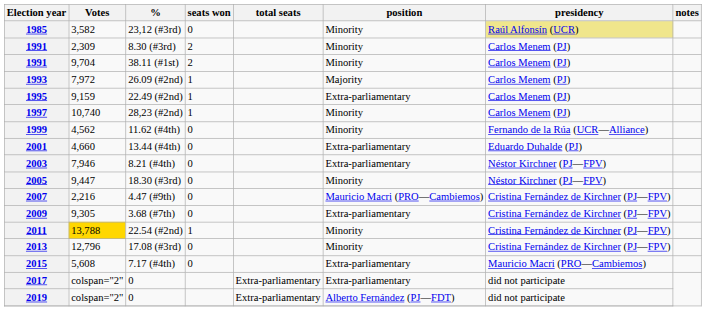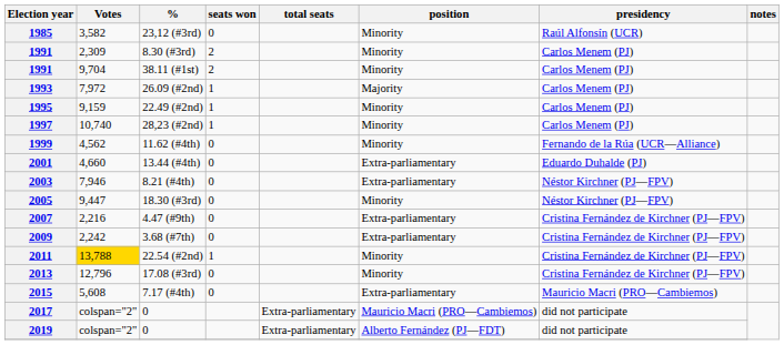 <table class="wikitable">
 <tr>
 <th>Election year</th>
 <th>Votes</th>
 <th>%</th>
 <th>seats won</th>
 <th>total seats</th>
 <th>position</th>
 <th>presidency</th>
 <th>notes</th>
 </tr>
 <tr>
 <th><a href='#'>1985</a></th>
 <td>3,582</td>
 <td>23,12 (#3rd)</td>
 <td>0</td>
 <td></td>
 <td>Minority</td>
-<td style="background: khaki;"><a href='#'>Raúl Alfonsín</a> (<a href='#'>UCR</a>)</td>
+<td><a href='#'>Raúl Alfonsín</a> (<a href='#'>UCR</a>)</td>
 <td></td>
 </tr>
 <tr>
 <th><a href='#'>1991</a></th>
 <td>2,309</td>
 <td>8.30 (#3rd)</td>
 <td>2</td>
 <td></td>
 <td>Minority</td>
 <td><a href='#'>Carlos Menem</a> (<a href='#'>PJ</a>)</td>
 <td></td>
 </tr>
 <tr>
 <th><a href='#'>1991</a></th>
 <td>9,704</td>
 <td>38.11 (#1st)</td>
 <td>2</td>
 <td></td>
 <td>Minority</td>
 <td><a href='#'>Carlos Menem</a> (<a href='#'>PJ</a>)</td>
 <td></td>
 </tr>
 <tr>
 <th><a href='#'>1993</a></th>
 <td>7,972</td>
 <td>26.09 (#2nd)</td>
 <td>1</td>
 <td></td>
 <td>Majority</td>
 <td><a href='#'>Carlos Menem</a> (<a href='#'>PJ</a>)</td>
 <td></td>
 </tr>
 <tr>
 <th><a href='#'>1995</a></th>
 <td>9,159</td>
 <td>22.49 (#2nd)</td>
 <td>1</td>
 <td></td>
-<td>Extra-parliamentary</td>
+<td>Minority</td>
 <td><a href='#'>Carlos Menem</a> (<a href='#'>PJ</a>)</td>
 <td></td>
 </tr>
 <tr>
 <th><a href='#'>1997</a></th>
 <td>10,740</td>
 <td>28,23 (#2nd)</td>
 <td>1</td>
 <td></td>
 <td>Minority</td>
 <td><a href='#'>Carlos Menem</a> (<a href='#'>PJ</a>)</td>
 <td></td>
 </tr>
 <tr>
 <th><a href='#'>1999</a></th>
 <td>4,562</td>
 <td>11.62 (#4th)</td>
 <td>0</td>
 <td></td>
 <td>Minority</td>
 <td><a href='#'>Fernando de la Rúa</a> (<a href='#'>UCR</a>—<a href='#'>Alliance</a>)</td>
 <td></td>
 </tr>
 <tr>
 <th><a href='#'>2001</a></th>
 <td>4,660</td>
 <td>13.44 (#4th)</td>
 <td>0</td>
 <td></td>
 <td>Extra-parliamentary</td>
 <td><a href='#'>Eduardo Duhalde</a> (<a href='#'>PJ</a>)</td>
 <td></td>
 </tr>
 <tr>
 <th><a href='#'>2003</a></th>
 <td>7,946</td>
 <td>8.21 (#4th)</td>
 <td>0</td>
 <td></td>
 <td>Extra-parliamentary</td>
 <td><a href='#'>Néstor Kirchner</a> (<a href='#'>PJ</a>—<a href='#'>FPV</a>)</td>
 <td></td>
 </tr>
 <tr>
 <th><a href='#'>2005</a></th>
 <td>9,447</td>
 <td>18.30 (#3rd)</td>
 <td>0</td>
 <td></td>
 <td>Minority</td>
 <td><a href='#'>Néstor Kirchner</a> (<a href='#'>PJ</a>—<a href='#'>FPV</a>)</td>
 <td></td>
 </tr>
 <tr>
 <th><a href='#'>2007</a></th>
 <td>2,216</td>
 <td>4.47 (#9th)</td>
 <td>0</td>
 <td></td>
-<td><a href='#'>Mauricio Macri</a> (<a href='#'>PRO</a>—<a href='#'>Cambiemos</a>)</td>
+<td>Extra-parliamentary</td>
 <td><a href='#'>Cristina Fernández de Kirchner</a> (<a href='#'>PJ</a>—<a href='#'>FPV</a>)</td>
 <td></td>
 </tr>
 <tr>
 <th><a href='#'>2009</a></th>
-<td>9,305</td>
+<td>2,242</td>
 <td>3.68 (#7th)</td>
 <td>0</td>
 <td></td>
 <td>Extra-parliamentary</td>
 <td><a href='#'>Cristina Fernández de Kirchner</a> (<a href='#'>PJ</a>—<a href='#'>FPV</a>)</td>
 <td></td>
 </tr>
 <tr>
 <th><a href='#'>2011</a></th>
 <td style="background: gold;">13,788</td>
 <td>22.54 (#2nd)</td>
 <td>1</td>
 <td></td>
 <td>Minority</td>
 <td><a href='#'>Cristina Fernández de Kirchner</a> (<a href='#'>PJ</a>—<a href='#'>FPV</a>)</td>
 <td></td>
 </tr>
 <tr>
 <th><a href='#'>2013</a></th>
 <td>12,796</td>
 <td>17.08 (#3rd)</td>
 <td>0</td>
 <td></td>
 <td>Minority</td>
 <td><a href='#'>Cristina Fernández de Kirchner</a> (<a href='#'>PJ</a>—<a href='#'>FPV</a>)</td>
 <td></td>
 </tr>
 <tr>
 <th><a href='#'>2015</a></th>
 <td>5,608</td>
 <td>7.17 (#4th)</td>
 <td>0</td>
 <td></td>
 <td>Extra-parliamentary</td>
 <td><a href='#'>Mauricio Macri</a> (<a href='#'>PRO</a>—<a href='#'>Cambiemos</a>)</td>
 <td></td>
 </tr>
 <tr>
 <th><a href='#'>2017</a></th>
 <td>colspan="2" </td>
 <td>0</td>
 <td></td>
 <td>Extra-parliamentary</td>
-<td>Extra-parliamentary</td>
+<td><a href='#'>Mauricio Macri</a> (<a href='#'>PRO</a>—<a href='#'>Cambiemos</a>)</td>
 <td>did not participate</td>
 </tr>
 <tr>
 <th><a href='#'>2019</a></th>
 <td>colspan="2" </td>
 <td>0</td>
 <td></td>
 <td>Extra-parliamentary</td>
 <td><a href='#'>Alberto Fernández</a> (<a href='#'>PJ</a>—<a href='#'>FDT</a>)</td>
 <td>did not participate</td>
 </tr>
 <tr>
 </tr>
 </table>
